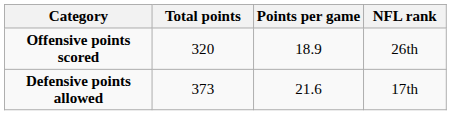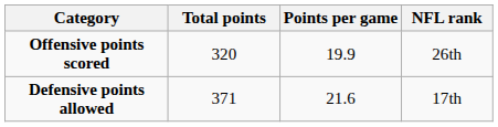 <table class="wikitable" style="text-align:center">
 <tr>
 <th width="150">Category</th>
 <th width="100">Total points</th>
 <th width="110">Points per game</th>
 <th width="80">NFL rank<br></th>
 </tr>
 <tr>
 <td><strong>Offensive points scored</strong></td>
 <td>320</td>
-<td>18.9</td>
+<td>19.9</td>
 <td>26th</td>
 </tr>
 <tr>
 <td><strong>Defensive points allowed</strong></td>
-<td>373</td>
+<td>371</td>
 <td>21.6</td>
 <td>17th</td>
 </tr>
 </table>
